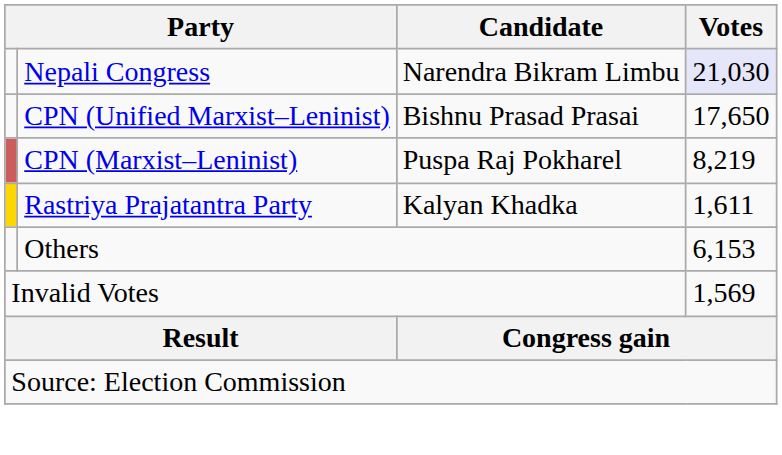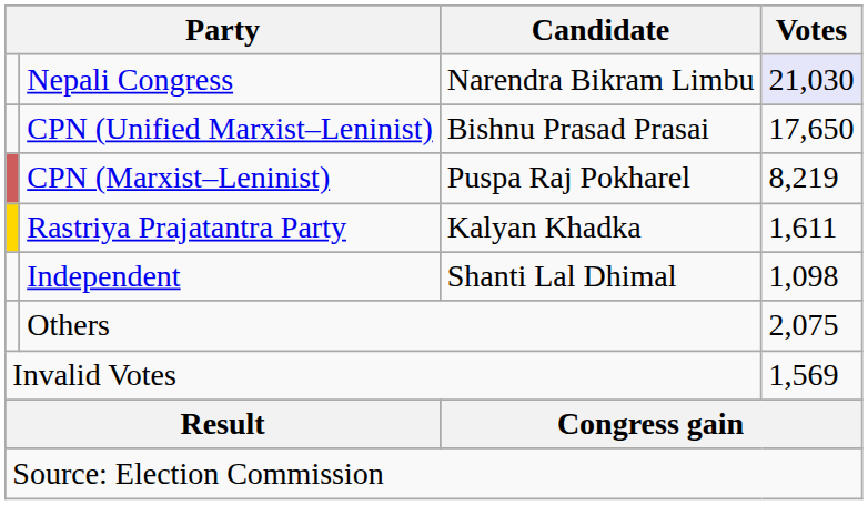 <table class="wikitable">
 <tr>
 <th colspan="2">Party</th>
 <th>Candidate</th>
 <th>Votes</th>
 </tr>
 <tr>
 <td style="background-color:"></td>
 <td><a href='#'>Nepali Congress</a></td>
 <td>Narendra Bikram Limbu</td>
 <td style="background: lavender;">21,030</td>
 </tr>
 <tr>
 <td style="background-color:"></td>
 <td><a href='#'>CPN (Unified Marxist–Leninist)</a></td>
 <td>Bishnu Prasad Prasai</td>
 <td>17,650</td>
 </tr>
 <tr>
 <td style="background-color:indianred"></td>
 <td><a href='#'>CPN (Marxist–Leninist)</a></td>
 <td>Puspa Raj Pokharel</td>
 <td>8,219</td>
 </tr>
 <tr>
 <td style="background-color:gold"></td>
 <td><a href='#'>Rastriya Prajatantra Party</a></td>
 <td>Kalyan Khadka</td>
 <td>1,611</td>
 </tr>
 <tr>
+<td style="background-color:"></td>
+<td><a href='#'>Independent</a></td>
+<td>Shanti Lal Dhimal</td>
+<td>1,098</td>
+</tr>
+<tr>
 <td></td>
 <td colspan="2">Others</td>
-<td>6,153</td>
+<td>2,075</td>
 </tr>
 <tr>
 <td colspan="3">Invalid Votes</td>
 <td>1,569</td>
 </tr>
 <tr>
 <th colspan="2">Result</th>
 <th colspan="2">Congress gain</th>
 </tr>
 <tr>
 <td colspan="4">Source: Election Commission</td>
 </tr>
 </table>
